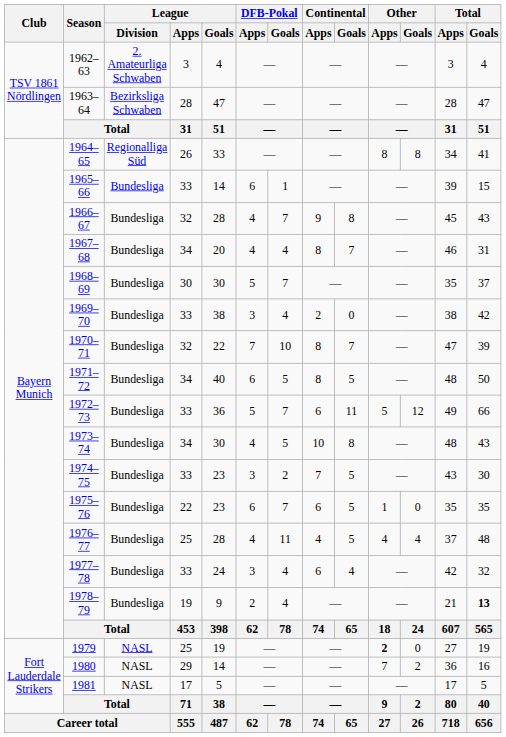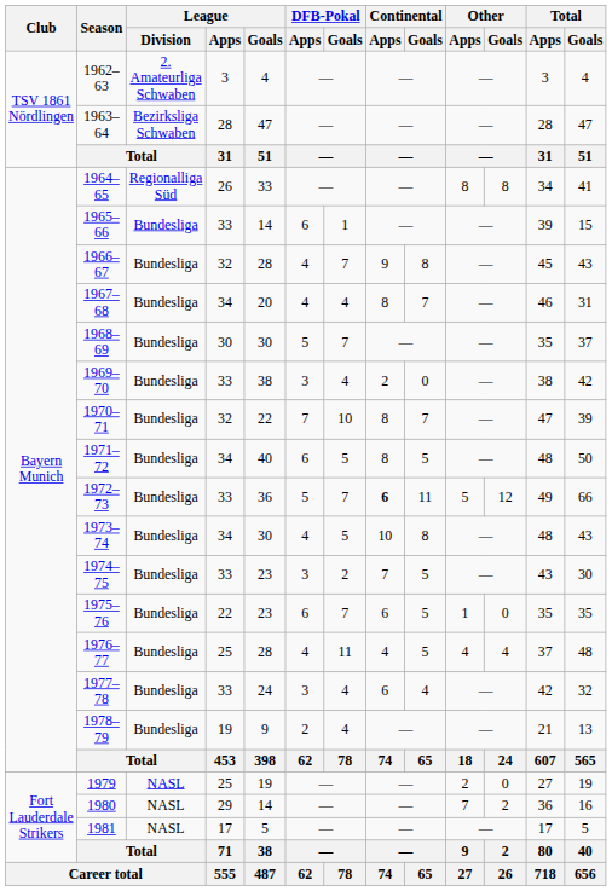 <table class="wikitable" style="text-align:center">
 <tr>
 <th rowspan="2">Club</th>
 <th rowspan="2">Season</th>
 <th colspan="3">League</th>
 <th colspan="2"><a href='#'>DFB-Pokal</a></th>
 <th colspan="2">Continental</th>
 <th colspan="2">Other</th>
 <th colspan="2">Total</th>
 </tr>
 <tr>
 <th>Division</th>
 <th>Apps</th>
 <th>Goals</th>
 <th>Apps</th>
 <th>Goals</th>
 <th>Apps</th>
 <th>Goals</th>
 <th>Apps</th>
 <th>Goals</th>
 <th>Apps</th>
 <th>Goals</th>
 </tr>
 <tr>
 <td rowspan="3"><a href='#'>TSV 1861 Nördlingen</a></td>
 <td>1962–63</td>
 <td><a href='#'>2. Amateurliga Schwaben</a></td>
 <td>3</td>
 <td>4</td>
 <td colspan="2">—</td>
 <td colspan="2">—</td>
 <td colspan="2">—</td>
 <td>3</td>
 <td>4</td>
 </tr>
 <tr>
 <td>1963–64</td>
 <td><a href='#'>Bezirksliga Schwaben</a></td>
 <td>28</td>
 <td>47</td>
 <td colspan="2">—</td>
 <td colspan="2">—</td>
 <td colspan="2">—</td>
 <td>28</td>
 <td>47</td>
 </tr>
 <tr>
 <th colspan="2">Total</th>
 <th>31</th>
 <th>51</th>
 <th colspan="2">—</th>
 <th colspan="2">—</th>
 <th colspan="2">—</th>
 <th>31</th>
 <th>51</th>
 </tr>
 <tr>
 <td rowspan="16"><a href='#'>Bayern Munich</a></td>
 <td><a href='#'>1964–65</a></td>
 <td><a href='#'>Regionalliga Süd</a></td>
 <td>26</td>
 <td>33</td>
 <td colspan="2">—</td>
 <td colspan="2">—</td>
 <td>8</td>
 <td>8</td>
 <td>34</td>
 <td>41</td>
 </tr>
 <tr>
 <td><a href='#'>1965–66</a></td>
 <td><a href='#'>Bundesliga</a></td>
 <td>33</td>
 <td>14</td>
 <td>6</td>
 <td>1</td>
 <td colspan="2">—</td>
 <td colspan="2">—</td>
 <td>39</td>
 <td>15</td>
 </tr>
 <tr>
 <td><a href='#'>1966–67</a></td>
 <td>Bundesliga</td>
 <td>32</td>
 <td>28</td>
 <td>4</td>
 <td>7</td>
 <td>9</td>
 <td>8</td>
 <td colspan="2">—</td>
 <td>45</td>
 <td>43</td>
 </tr>
 <tr>
 <td><a href='#'>1967–68</a></td>
 <td>Bundesliga</td>
 <td>34</td>
 <td>20</td>
 <td>4</td>
 <td>4</td>
 <td>8</td>
 <td>7</td>
 <td colspan="2">—</td>
 <td>46</td>
 <td>31</td>
 </tr>
 <tr>
 <td><a href='#'>1968–69</a></td>
 <td>Bundesliga</td>
 <td>30</td>
 <td>30</td>
 <td>5</td>
 <td>7</td>
 <td colspan="2">—</td>
 <td colspan="2">—</td>
 <td>35</td>
 <td>37</td>
 </tr>
 <tr>
 <td><a href='#'>1969–70</a></td>
 <td>Bundesliga</td>
 <td>33</td>
 <td>38</td>
 <td>3</td>
 <td>4</td>
 <td>2</td>
 <td>0</td>
 <td colspan="2">—</td>
 <td>38</td>
 <td>42</td>
 </tr>
 <tr>
 <td><a href='#'>1970–71</a></td>
 <td>Bundesliga</td>
 <td>32</td>
 <td>22</td>
 <td>7</td>
 <td>10</td>
 <td>8</td>
 <td>7</td>
 <td colspan="2">—</td>
 <td>47</td>
 <td>39</td>
 </tr>
 <tr>
 <td><a href='#'>1971–72</a></td>
 <td>Bundesliga</td>
 <td>34</td>
 <td>40</td>
 <td>6</td>
 <td>5</td>
 <td>8</td>
 <td>5</td>
 <td colspan="2">—</td>
 <td>48</td>
 <td>50</td>
 </tr>
 <tr>
 <td><a href='#'>1972–73</a></td>
 <td>Bundesliga</td>
 <td>33</td>
 <td>36</td>
 <td>5</td>
 <td>7</td>
-<td>6</td>
+<td><strong>6</strong></td>
 <td>11</td>
 <td>5</td>
 <td>12</td>
 <td>49</td>
 <td>66</td>
 </tr>
 <tr>
 <td><a href='#'>1973–74</a></td>
 <td>Bundesliga</td>
 <td>34</td>
 <td>30</td>
 <td>4</td>
 <td>5</td>
 <td>10</td>
 <td>8</td>
 <td colspan="2">—</td>
 <td>48</td>
 <td>43</td>
 </tr>
 <tr>
 <td><a href='#'>1974–75</a></td>
 <td>Bundesliga</td>
 <td>33</td>
 <td>23</td>
 <td>3</td>
 <td>2</td>
 <td>7</td>
 <td>5</td>
 <td colspan="2">—</td>
 <td>43</td>
 <td>30</td>
 </tr>
 <tr>
 <td><a href='#'>1975–76</a></td>
 <td>Bundesliga</td>
 <td>22</td>
 <td>23</td>
 <td>6</td>
 <td>7</td>
 <td>6</td>
 <td>5</td>
 <td>1</td>
 <td>0</td>
 <td>35</td>
 <td>35</td>
 </tr>
 <tr>
 <td><a href='#'>1976–77</a></td>
 <td>Bundesliga</td>
 <td>25</td>
 <td>28</td>
 <td>4</td>
 <td>11</td>
 <td>4</td>
 <td>5</td>
 <td>4</td>
 <td>4</td>
 <td>37</td>
 <td>48</td>
 </tr>
 <tr>
 <td><a href='#'>1977–78</a></td>
 <td>Bundesliga</td>
 <td>33</td>
 <td>24</td>
 <td>3</td>
 <td>4</td>
 <td>6</td>
 <td>4</td>
 <td colspan="2">—</td>
 <td>42</td>
 <td>32</td>
 </tr>
 <tr>
 <td><a href='#'>1978–79</a></td>
 <td>Bundesliga</td>
 <td>19</td>
 <td>9</td>
 <td>2</td>
 <td>4</td>
 <td colspan="2">—</td>
 <td colspan="2">—</td>
 <td>21</td>
-<td><strong>13</strong></td>
+<td>13</td>
 </tr>
 <tr>
 <th colspan="2">Total</th>
 <th>453</th>
 <th>398</th>
 <th>62</th>
 <th>78</th>
 <th>74</th>
 <th>65</th>
 <th>18</th>
 <th>24</th>
 <th>607</th>
 <th>565</th>
 </tr>
 <tr>
 <td rowspan="4"><a href='#'>Fort Lauderdale Strikers</a></td>
 <td><a href='#'>1979</a></td>
 <td><a href='#'>NASL</a></td>
 <td>25</td>
 <td>19</td>
 <td colspan="2">—</td>
 <td colspan="2">—</td>
-<td><strong>2</strong></td>
+<td>2</td>
 <td>0</td>
 <td>27</td>
 <td>19</td>
 </tr>
 <tr>
 <td><a href='#'>1980</a></td>
 <td>NASL</td>
 <td>29</td>
 <td>14</td>
 <td colspan="2">—</td>
 <td colspan="2">—</td>
 <td>7</td>
 <td>2</td>
 <td>36</td>
 <td>16</td>
 </tr>
 <tr>
 <td><a href='#'>1981</a></td>
 <td>NASL</td>
 <td>17</td>
 <td>5</td>
 <td colspan="2">—</td>
 <td colspan="2">—</td>
 <td colspan="2">—</td>
 <td>17</td>
 <td>5</td>
 </tr>
 <tr>
 <th colspan="2">Total</th>
 <th>71</th>
 <th>38</th>
 <th colspan="2">—</th>
 <th colspan="2">—</th>
 <th>9</th>
 <th>2</th>
 <th>80</th>
 <th>40</th>
 </tr>
 <tr>
 <th colspan="3">Career total</th>
 <th>555</th>
 <th>487</th>
 <th>62</th>
 <th>78</th>
 <th>74</th>
 <th>65</th>
 <th>27</th>
 <th>26</th>
 <th>718</th>
 <th>656</th>
 </tr>
 </table>
